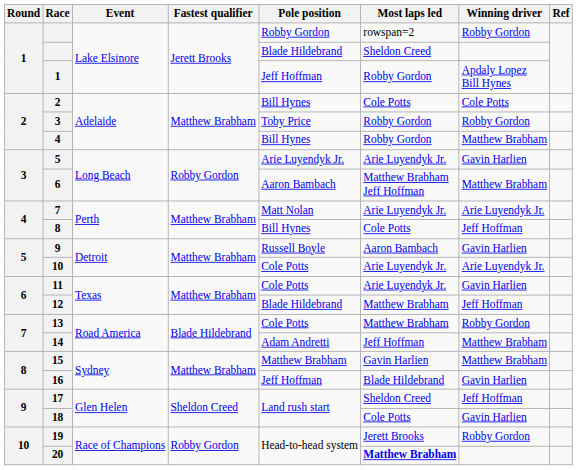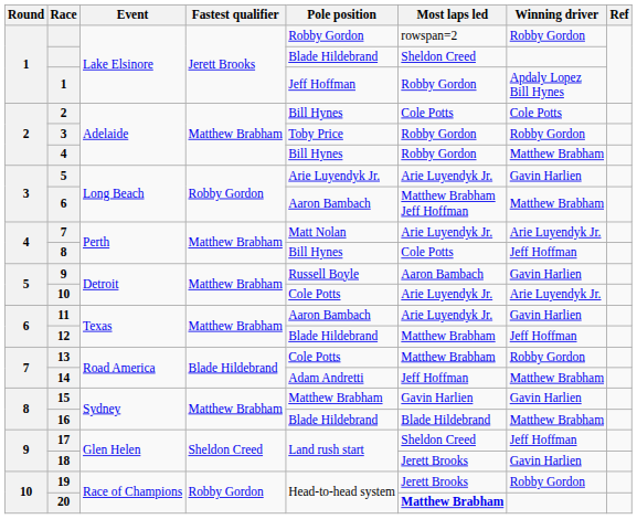 <table class="wikitable" style="font-size: 85%;">
 <tr>
 <th>Round</th>
 <th>Race</th>
 <th>Event</th>
 <th>Fastest qualifier</th>
 <th>Pole position</th>
 <th>Most laps led</th>
 <th>Winning driver</th>
 <th>Ref</th>
 </tr>
 <tr>
 <th rowspan=3>1</th>
 <th></th>
 <td rowspan=3><a href='#'>Lake Elsinore</a></td>
 <td rowspan=3> <a href='#'>Jerett Brooks</a></td>
 <td> <a href='#'>Robby Gordon</a></td>
 <td>rowspan=2 </td>
 <td> <a href='#'>Robby Gordon</a></td>
 <td rowspan=3></td>
 </tr>
 <tr>
 <th></th>
 <td> <a href='#'>Blade Hildebrand</a></td>
 <td> <a href='#'>Sheldon Creed</a></td>
 </tr>
 <tr>
 <th>1</th>
 <td> <a href='#'>Jeff Hoffman</a></td>
 <td> <a href='#'>Robby Gordon</a></td>
 <td> <a href='#'>Apdaly Lopez</a><br> <a href='#'>Bill Hynes</a></td>
 </tr>
 <tr>
 <th rowspan=3>2</th>
 <th>2</th>
 <td rowspan=3><a href='#'>Adelaide</a></td>
 <td rowspan=3> <a href='#'>Matthew Brabham</a></td>
 <td> <a href='#'>Bill Hynes</a></td>
 <td> <a href='#'>Cole Potts</a></td>
 <td> <a href='#'>Cole Potts</a></td>
 <td></td>
 </tr>
 <tr>
 <th>3</th>
 <td> <a href='#'>Toby Price</a></td>
 <td> <a href='#'>Robby Gordon</a></td>
 <td> <a href='#'>Robby Gordon</a></td>
 <td></td>
 </tr>
 <tr>
 <th>4</th>
 <td> <a href='#'>Bill Hynes</a></td>
 <td> <a href='#'>Robby Gordon</a></td>
 <td> <a href='#'>Matthew Brabham</a></td>
 <td></td>
 </tr>
 <tr>
 <th rowspan=2>3</th>
 <th>5</th>
 <td rowspan=2><a href='#'>Long Beach</a></td>
 <td rowspan=2> <a href='#'>Robby Gordon</a></td>
 <td> <a href='#'>Arie Luyendyk Jr.</a></td>
 <td> <a href='#'>Arie Luyendyk Jr.</a></td>
 <td> <a href='#'>Gavin Harlien</a></td>
 <td></td>
 </tr>
 <tr>
 <th>6</th>
 <td> <a href='#'>Aaron Bambach</a></td>
 <td> <a href='#'>Matthew Brabham</a><br> <a href='#'>Jeff Hoffman</a></td>
 <td> <a href='#'>Matthew Brabham</a></td>
 <td></td>
 </tr>
 <tr>
 <th rowspan=2>4</th>
 <th>7</th>
 <td rowspan=2><a href='#'>Perth</a></td>
 <td rowspan=2> <a href='#'>Matthew Brabham</a></td>
 <td> <a href='#'>Matt Nolan</a></td>
 <td> <a href='#'>Arie Luyendyk Jr.</a></td>
 <td> <a href='#'>Arie Luyendyk Jr.</a></td>
 <td></td>
 </tr>
 <tr>
 <th>8</th>
 <td> <a href='#'>Bill Hynes</a></td>
 <td> <a href='#'>Cole Potts</a></td>
 <td> <a href='#'>Jeff Hoffman</a></td>
 <td></td>
 </tr>
 <tr>
 <th rowspan=2>5</th>
 <th>9</th>
 <td rowspan=2><a href='#'>Detroit</a></td>
 <td rowspan=2> <a href='#'>Matthew Brabham</a></td>
 <td> <a href='#'>Russell Boyle</a></td>
 <td> <a href='#'>Aaron Bambach</a></td>
 <td> <a href='#'>Gavin Harlien</a></td>
 <td></td>
 </tr>
 <tr>
 <th>10</th>
 <td> <a href='#'>Cole Potts</a></td>
 <td> <a href='#'>Arie Luyendyk Jr.</a></td>
 <td> <a href='#'>Arie Luyendyk Jr.</a></td>
 <td></td>
 </tr>
 <tr>
 <th rowspan=2>6</th>
 <th>11</th>
 <td rowspan=2><a href='#'>Texas</a></td>
 <td rowspan=2> <a href='#'>Matthew Brabham</a></td>
-<td> <a href='#'>Cole Potts</a></td>
+<td> <a href='#'>Aaron Bambach</a></td>
 <td> <a href='#'>Arie Luyendyk Jr.</a></td>
 <td> <a href='#'>Gavin Harlien</a></td>
 <td></td>
 </tr>
 <tr>
 <th>12</th>
 <td> <a href='#'>Blade Hildebrand</a></td>
 <td> <a href='#'>Matthew Brabham</a></td>
 <td> <a href='#'>Jeff Hoffman</a></td>
 <td></td>
 </tr>
 <tr>
 <th rowspan=2>7</th>
 <th>13</th>
 <td rowspan=2><a href='#'>Road America</a></td>
 <td rowspan=2> <a href='#'>Blade Hildebrand</a></td>
 <td> <a href='#'>Cole Potts</a></td>
 <td> <a href='#'>Matthew Brabham</a></td>
 <td> <a href='#'>Robby Gordon</a></td>
 <td></td>
 </tr>
 <tr>
 <th>14</th>
 <td> <a href='#'>Adam Andretti</a></td>
 <td> <a href='#'>Jeff Hoffman</a></td>
 <td> <a href='#'>Matthew Brabham</a></td>
 <td></td>
 </tr>
 <tr>
 <th rowspan=2>8</th>
 <th>15</th>
 <td rowspan=2><a href='#'>Sydney</a></td>
 <td rowspan=2> <a href='#'>Matthew Brabham</a></td>
 <td> <a href='#'>Matthew Brabham</a></td>
 <td> <a href='#'>Gavin Harlien</a></td>
-<td> <a href='#'>Matthew Brabham</a></td>
+<td> <a href='#'>Gavin Harlien</a></td>
 <td></td>
 </tr>
 <tr>
 <th>16</th>
-<td> <a href='#'>Jeff Hoffman</a></td>
 <td> <a href='#'>Blade Hildebrand</a></td>
-<td> <a href='#'>Gavin Harlien</a></td>
+<td> <a href='#'>Blade Hildebrand</a></td>
+<td> <a href='#'>Matthew Brabham</a></td>
 <td></td>
 </tr>
 <tr>
 <th rowspan=2>9</th>
 <th>17</th>
 <td rowspan=2><a href='#'>Glen Helen</a></td>
 <td rowspan=2> <a href='#'>Sheldon Creed</a></td>
 <td rowspan=2><a href='#'>Land rush start</a></td>
 <td> <a href='#'>Sheldon Creed</a></td>
 <td> <a href='#'>Jeff Hoffman</a></td>
 <td></td>
 </tr>
 <tr>
 <th>18</th>
-<td> <a href='#'>Cole Potts</a></td>
+<td> <a href='#'>Jerett Brooks</a></td>
 <td> <a href='#'>Gavin Harlien</a></td>
 <td></td>
 </tr>
 <tr>
 <th rowspan=2>10</th>
 <th>19</th>
 <td rowspan=2><a href='#'>Race of Champions</a></td>
 <td rowspan=2> <a href='#'>Robby Gordon</a></td>
 <td rowspan=2>Head-to-head system</td>
 <td> <a href='#'>Jerett Brooks</a></td>
 <td> <a href='#'>Robby Gordon</a></td>
 <td></td>
 </tr>
 <tr>
 <th>20</th>
 <td><strong> <a href='#'>Matthew Brabham</a></strong></td>
 <td></td>
 </tr>
 </table>
